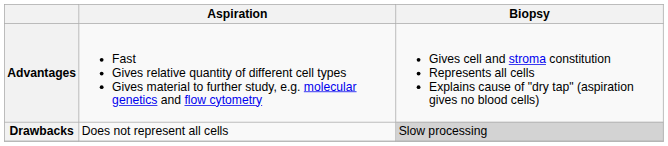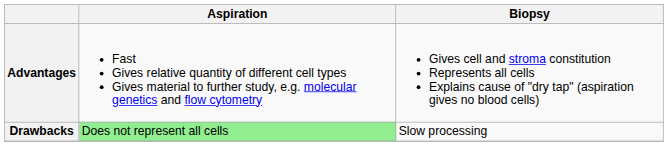 <table class="wikitable">
 <tr>
 <th></th>
 <th>Aspiration</th>
 <th>Biopsy</th>
 </tr>
 <tr>
 <th>Advantages</th>
 <td><br><ul><li>Fast</li><li>Gives relative quantity of different cell types</li><li>Gives material to further study, e.g. <a href='#'>molecular genetics</a> and <a href='#'>flow cytometry</a></li></ul></td>
 <td><br><ul><li>Gives cell and <a href='#'>stroma</a> constitution</li><li>Represents all cells</li><li>Explains cause of "dry tap" (aspiration gives no blood cells)</li></ul></td>
 </tr>
 <tr>
 <th>Drawbacks</th>
-<td>Does not represent all cells</td>
-<td style="background: lightgrey;">Slow processing</td>
+<td style="background: lightgreen;">Does not represent all cells</td>
+<td>Slow processing</td>
 </tr>
 <tr>
 </tr>
 </table>
